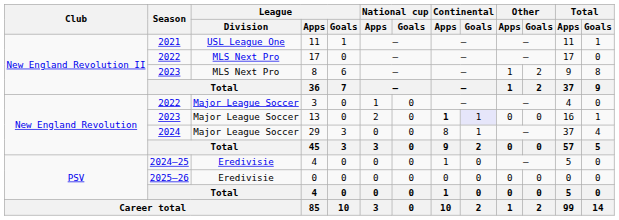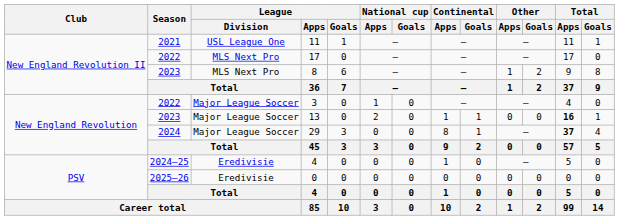 <table class="wikitable" style="text-align:center">
 <tr>
 <th rowspan=2>Club</th>
 <th rowspan=2>Season</th>
 <th colspan=3>League</th>
 <th colspan=2>National cup</th>
 <th colspan=2>Continental</th>
 <th colspan=2>Other</th>
 <th colspan=2>Total</th>
 </tr>
 <tr>
 <th>Division</th>
 <th>Apps</th>
 <th>Goals</th>
 <th>Apps</th>
 <th>Goals</th>
 <th>Apps</th>
 <th>Goals</th>
 <th>Apps</th>
 <th>Goals</th>
 <th>Apps</th>
 <th>Goals</th>
 </tr>
 <tr>
 <td rowspan=4><a href='#'>New England Revolution II</a></td>
 <td><a href='#'>2021</a></td>
 <td><a href='#'>USL League One</a></td>
 <td>11</td>
 <td>1</td>
 <td colspan=2>–</td>
 <td colspan=2>–</td>
 <td colspan=2>–</td>
 <td>11</td>
 <td>1</td>
 </tr>
 <tr>
 <td><a href='#'>2022</a></td>
 <td><a href='#'>MLS Next Pro</a></td>
 <td>17</td>
 <td>0</td>
 <td colspan=2>–</td>
 <td colspan=2>–</td>
 <td colspan=2>–</td>
 <td>17</td>
 <td>0</td>
 </tr>
 <tr>
 <td><a href='#'>2023</a></td>
 <td>MLS Next Pro</td>
 <td>8</td>
 <td>6</td>
 <td colspan=2>–</td>
 <td colspan=2>–</td>
 <td>1</td>
 <td>2</td>
 <td>9</td>
 <td>8</td>
 </tr>
 <tr>
 <th colspan=2>Total</th>
 <th>36</th>
 <th>7</th>
 <th colspan=2>–</th>
 <th colspan=2>–</th>
 <th>1</th>
 <th>2</th>
 <th>37</th>
 <th>9</th>
 </tr>
 <tr>
 <td rowspan=4><a href='#'>New England Revolution</a></td>
 <td><a href='#'>2022</a></td>
 <td><a href='#'>Major League Soccer</a></td>
 <td>3</td>
 <td>0</td>
 <td>1</td>
 <td>0</td>
 <td colspan=2>–</td>
 <td colspan=2>–</td>
 <td>4</td>
 <td>0</td>
 </tr>
 <tr>
 <td><a href='#'>2023</a></td>
 <td>Major League Soccer</td>
 <td>13</td>
 <td>0</td>
 <td>2</td>
 <td>0</td>
-<td><strong>1</strong></td>
-<td style="background: lavender;">1</td>
+<td>1</td>
+<td>1</td>
 <td>0</td>
 <td>0</td>
-<td>16</td>
+<td><strong>16</strong></td>
 <td>1</td>
 </tr>
 <tr>
 <td><a href='#'>2024</a></td>
 <td>Major League Soccer</td>
 <td>29</td>
 <td>3</td>
 <td>0</td>
 <td>0</td>
 <td>8</td>
 <td>1</td>
 <td colspan=2>–</td>
-<td>37</td>
+<td><strong>37</strong></td>
 <td>4</td>
 </tr>
 <tr>
 <th colspan=2>Total</th>
 <th>45</th>
 <th>3</th>
 <th>3</th>
 <th>0</th>
 <th>9</th>
 <th>2</th>
 <th>0</th>
 <th>0</th>
 <th>57</th>
 <th>5</th>
 </tr>
 <tr>
 <td rowspan=3><a href='#'>PSV</a></td>
 <td><a href='#'>2024–25</a></td>
 <td><a href='#'>Eredivisie</a></td>
 <td>4</td>
 <td>0</td>
 <td>0</td>
 <td>0</td>
 <td>1</td>
 <td>0</td>
 <td colspan=2>–</td>
 <td>5</td>
 <td>0</td>
 </tr>
 <tr>
 <td><a href='#'>2025–26</a></td>
 <td>Eredivisie</td>
 <td>0</td>
 <td>0</td>
 <td>0</td>
 <td>0</td>
 <td>0</td>
 <td>0</td>
 <td>0</td>
 <td>0</td>
 <td>0</td>
 <td>0</td>
 </tr>
 <tr>
 <th colspan=2>Total</th>
 <th>4</th>
 <th>0</th>
 <th>0</th>
 <th>0</th>
 <th>1</th>
 <th>0</th>
 <th>0</th>
 <th>0</th>
 <th>5</th>
 <th>0</th>
 </tr>
 <tr>
 <th colspan=3>Career total</th>
 <th>85</th>
 <th>10</th>
 <th>3</th>
 <th>0</th>
 <th>10</th>
 <th>2</th>
 <th>1</th>
 <th>2</th>
 <th>99</th>
 <th>14</th>
 </tr>
 </table>
